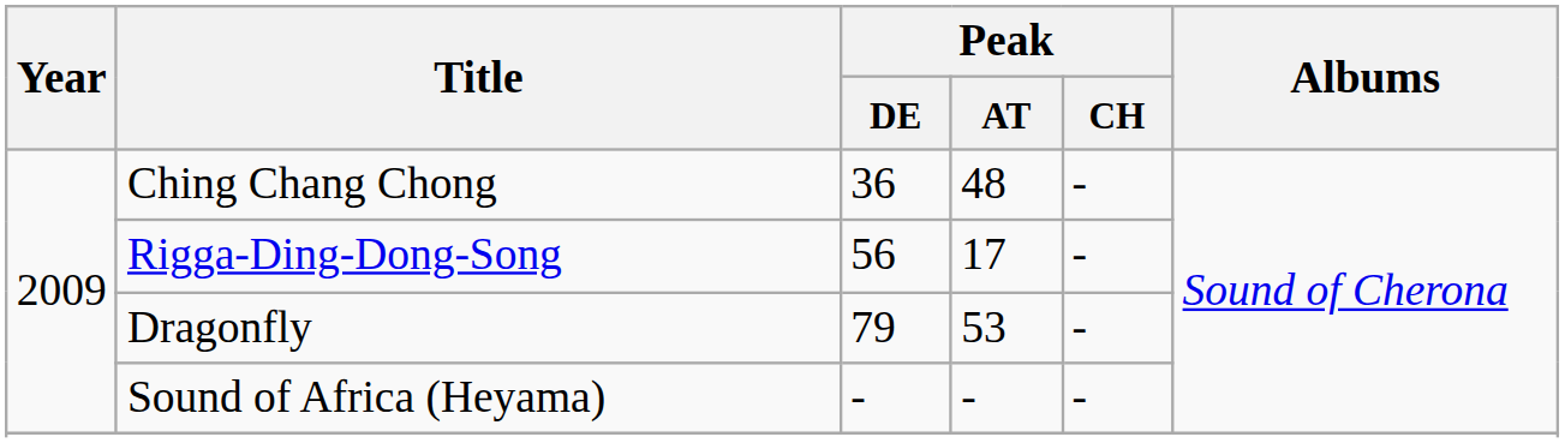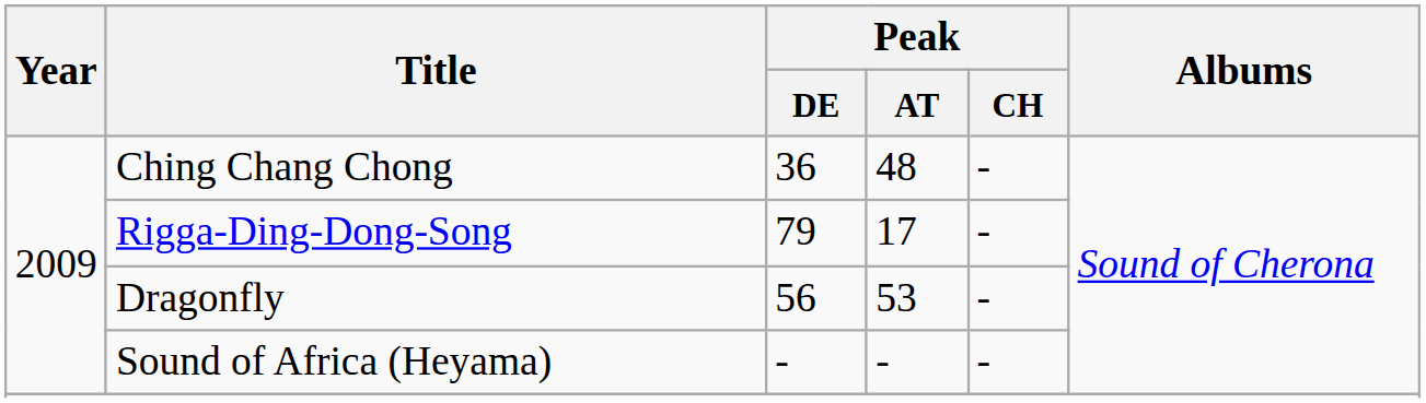 <table class="wikitable">
 <tr>
 <th width="28" rowspan="2">Year</th>
 <th width="250" rowspan="2">Title</th>
 <th colspan="3">Peak</th>
 <th width="130" rowspan="2">Albums</th>
 </tr>
 <tr bgcolor="#efefef">
 <th width="32"><small>DE</small></th>
 <th width="32"><small>AT</small></th>
 <th width="32"><small>CH</small></th>
 </tr>
 <tr>
 <td rowspan="4">2009</td>
 <td>Ching Chang Chong</td>
 <td>36</td>
 <td>48</td>
 <td>-</td>
 <td rowspan="4"><em><a href='#'>Sound of Cherona</a></em></td>
 </tr>
 <tr>
 <td><a href='#'>Rigga-Ding-Dong-Song</a></td>
-<td>56</td>
+<td>79</td>
 <td>17</td>
 <td>-</td>
 </tr>
 <tr>
 <td>Dragonfly</td>
-<td>79</td>
+<td>56</td>
 <td>53</td>
 <td>-</td>
 </tr>
 <tr>
 <td>Sound of Africa (Heyama)</td>
 <td>-</td>
 <td>-</td>
 <td>-</td>
 </tr>
 <tr bgcolor="#f0f0ff">
 </tr>
 <tr bgcolor="#f0f0ff">
 </tr>
 </table>
